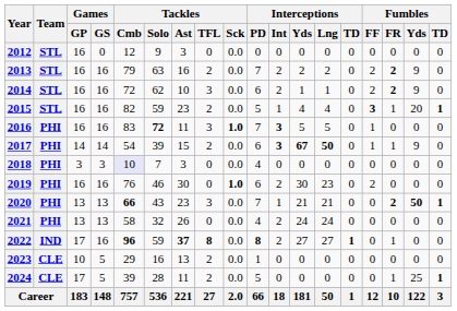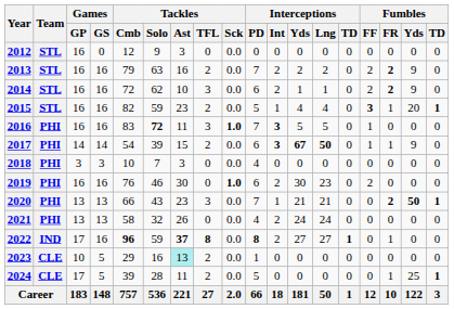 <table class="wikitable" style="text-align:center;">
 <tr>
 <th rowspan="2">Year</th>
 <th rowspan="2">Team</th>
 <th colspan="2">Games</th>
 <th colspan="5">Tackles</th>
 <th colspan="5">Interceptions</th>
 <th colspan="4">Fumbles</th>
 </tr>
 <tr>
 <th>GP</th>
 <th>GS</th>
 <th>Cmb</th>
 <th>Solo</th>
 <th>Ast</th>
 <th>TFL</th>
 <th>Sck</th>
 <th>PD</th>
 <th>Int</th>
 <th>Yds</th>
 <th>Lng</th>
 <th>TD</th>
 <th>FF</th>
 <th>FR</th>
 <th>Yds</th>
 <th>TD</th>
 </tr>
 <tr>
 <th><a href='#'>2012</a></th>
 <th><a href='#'>STL</a></th>
 <td>16</td>
 <td>0</td>
 <td>12</td>
 <td>9</td>
 <td>3</td>
 <td>0</td>
 <td>0.0</td>
 <td>0</td>
 <td>0</td>
 <td>0</td>
 <td>0</td>
 <td>0</td>
 <td>0</td>
 <td>0</td>
 <td>0</td>
 <td>0</td>
 </tr>
 <tr>
 <th><a href='#'>2013</a></th>
 <th><a href='#'>STL</a></th>
 <td>16</td>
 <td>16</td>
 <td>79</td>
 <td>63</td>
 <td>16</td>
 <td>2</td>
 <td>0.0</td>
 <td>7</td>
 <td>2</td>
 <td>2</td>
 <td>2</td>
 <td>0</td>
 <td>2</td>
 <td><strong>2</strong></td>
 <td>9</td>
 <td>0</td>
 </tr>
 <tr>
 <th><a href='#'>2014</a></th>
 <th><a href='#'>STL</a></th>
 <td>16</td>
 <td>16</td>
 <td>72</td>
 <td>62</td>
 <td>10</td>
 <td>3</td>
 <td>0.0</td>
 <td>6</td>
 <td>2</td>
 <td>1</td>
 <td>1</td>
 <td>0</td>
 <td>2</td>
 <td><strong>2</strong></td>
 <td>9</td>
 <td>0</td>
 </tr>
 <tr>
 <th><a href='#'>2015</a></th>
 <th><a href='#'>STL</a></th>
 <td>16</td>
 <td>16</td>
 <td>82</td>
 <td>59</td>
 <td>23</td>
 <td>2</td>
 <td>0.0</td>
 <td>5</td>
 <td>1</td>
 <td>4</td>
 <td>4</td>
 <td>0</td>
 <td><strong>3</strong></td>
 <td>1</td>
 <td>20</td>
 <td><strong>1</strong></td>
 </tr>
 <tr>
 <th><a href='#'>2016</a></th>
 <th><a href='#'>PHI</a></th>
 <td>16</td>
 <td>16</td>
 <td>83</td>
 <td><strong>72</strong></td>
 <td>11</td>
 <td>3</td>
 <td><strong>1.0</strong></td>
 <td>7</td>
 <td><strong>3</strong></td>
 <td>5</td>
 <td>5</td>
 <td>0</td>
 <td>1</td>
 <td>0</td>
 <td>0</td>
 <td>0</td>
 </tr>
 <tr>
 <th><a href='#'>2017</a></th>
 <th><a href='#'>PHI</a></th>
 <td>14</td>
 <td>14</td>
 <td>54</td>
 <td>39</td>
 <td>15</td>
 <td>2</td>
 <td>0.0</td>
 <td>6</td>
 <td><strong>3</strong></td>
 <td><strong>67</strong></td>
 <td><strong>50</strong></td>
 <td>0</td>
 <td>1</td>
 <td>1</td>
 <td>9</td>
 <td>0</td>
 </tr>
 <tr>
 <th><a href='#'>2018</a></th>
 <th><a href='#'>PHI</a></th>
 <td>3</td>
 <td>3</td>
-<td style="background: lavender;">10</td>
+<td>10</td>
 <td>7</td>
 <td>3</td>
 <td>0</td>
 <td>0.0</td>
 <td>4</td>
 <td>0</td>
 <td>0</td>
 <td>0</td>
 <td>0</td>
 <td>0</td>
 <td>0</td>
 <td>0</td>
 <td>0</td>
 </tr>
 <tr>
 <th><a href='#'>2019</a></th>
 <th><a href='#'>PHI</a></th>
 <td>16</td>
 <td>16</td>
 <td>76</td>
 <td>46</td>
 <td>30</td>
 <td>0</td>
 <td><strong>1.0</strong></td>
 <td>6</td>
 <td>2</td>
 <td>30</td>
 <td>23</td>
 <td>0</td>
 <td>2</td>
 <td>0</td>
 <td>0</td>
 <td>0</td>
 </tr>
 <tr>
 <th><a href='#'>2020</a></th>
 <th><a href='#'>PHI</a></th>
 <td>13</td>
 <td>13</td>
-<td><strong>66</strong></td>
+<td>66</td>
 <td>43</td>
 <td>23</td>
 <td>3</td>
 <td>0.0</td>
 <td>7</td>
 <td>1</td>
 <td>21</td>
 <td>21</td>
 <td>0</td>
 <td>0</td>
 <td><strong>2</strong></td>
 <td><strong>50</strong></td>
 <td><strong>1</strong></td>
 </tr>
 <tr>
 <th><a href='#'>2021</a></th>
 <th><a href='#'>PHI</a></th>
 <td>13</td>
 <td>13</td>
 <td>58</td>
 <td>32</td>
 <td>26</td>
 <td>0</td>
 <td>0.0</td>
 <td>4</td>
 <td>2</td>
 <td>24</td>
 <td>24</td>
 <td>0</td>
 <td>0</td>
 <td>0</td>
 <td>0</td>
 <td>0</td>
 </tr>
 <tr>
 <th><a href='#'>2022</a></th>
 <th><a href='#'>IND</a></th>
 <td>17</td>
 <td>16</td>
 <td><strong>96</strong></td>
 <td>59</td>
 <td><strong>37</strong></td>
 <td><strong>8</strong></td>
 <td>0.0</td>
 <td><strong>8</strong></td>
 <td>2</td>
 <td>27</td>
 <td>27</td>
 <td><strong>1</strong></td>
 <td>0</td>
 <td>1</td>
 <td>0</td>
 <td>0</td>
 </tr>
 <tr>
 <th><a href='#'>2023</a></th>
 <th><a href='#'>CLE</a></th>
 <td>10</td>
 <td>5</td>
 <td>29</td>
 <td>16</td>
-<td>13</td>
+<td style="background: paleturquoise;">13</td>
 <td>2</td>
 <td>0.0</td>
 <td>1</td>
 <td>0</td>
 <td>0</td>
 <td>0</td>
 <td>0</td>
 <td>0</td>
 <td>0</td>
 <td>0</td>
 <td>0</td>
 </tr>
 <tr>
 <th><a href='#'>2024</a></th>
 <th><a href='#'>CLE</a></th>
 <td>17</td>
 <td>5</td>
 <td>39</td>
 <td>28</td>
 <td>11</td>
 <td>2</td>
 <td>0.0</td>
 <td>5</td>
 <td>0</td>
 <td>0</td>
 <td>0</td>
 <td>0</td>
 <td>0</td>
 <td>1</td>
 <td>25</td>
 <td><strong>1</strong></td>
 </tr>
 <tr>
 <th colspan="2">Career</th>
 <th>183</th>
 <th>148</th>
 <th>757</th>
 <th>536</th>
 <th>221</th>
 <th>27</th>
 <th>2.0</th>
 <th>66</th>
 <th>18</th>
 <th>181</th>
 <th>50</th>
 <th>1</th>
 <th>12</th>
 <th>10</th>
 <th>122</th>
 <th>3</th>
 </tr>
 </table>
